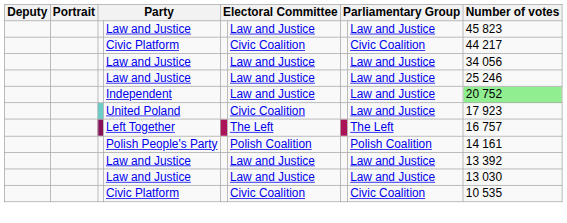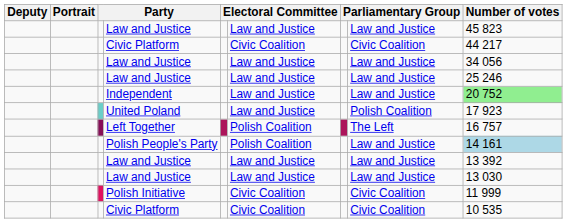 <table class="wikitable sortable" style="font-size:95%;line-height:14px;">
 <tr>
 <th>Deputy</th>
 <th>Portrait</th>
 <th colspan="2">Party</th>
 <th colspan="2">Electoral Committee</th>
 <th colspan="2">Parliamentary Group</th>
 <th>Number of votes</th>
 </tr>
 <tr>
 <td></td>
 <td></td>
 <td style="background:"></td>
 <td><a href='#'>Law and Justice</a></td>
 <td style="background:"></td>
 <td><a href='#'>Law and Justice</a></td>
 <td style="background:"></td>
 <td><a href='#'>Law and Justice</a></td>
 <td>45 823</td>
 </tr>
 <tr>
 <td></td>
 <td></td>
 <td style="background:"></td>
 <td><a href='#'>Civic Platform</a></td>
 <td style="background:"></td>
 <td><a href='#'>Civic Coalition</a></td>
 <td style="background:"></td>
 <td><a href='#'>Civic Coalition</a></td>
 <td>44 217</td>
 </tr>
 <tr>
 <td></td>
 <td></td>
 <td style="background:"></td>
 <td><a href='#'>Law and Justice</a></td>
 <td style="background:"></td>
 <td><a href='#'>Law and Justice</a></td>
 <td style="background:"></td>
 <td><a href='#'>Law and Justice</a></td>
 <td>34 056</td>
 </tr>
 <tr>
 <td></td>
 <td></td>
 <td style="background:"></td>
 <td><a href='#'>Law and Justice</a></td>
 <td style="background:"></td>
 <td><a href='#'>Law and Justice</a></td>
 <td style="background:"></td>
 <td><a href='#'>Law and Justice</a></td>
 <td>25 246</td>
 </tr>
 <tr>
 <td></td>
 <td></td>
 <td style="background:"></td>
 <td><a href='#'>Independent</a></td>
 <td style="background:"></td>
 <td><a href='#'>Law and Justice</a></td>
 <td style="background:"></td>
 <td><a href='#'>Law and Justice</a></td>
 <td style="background: lightgreen;">20 752</td>
 </tr>
 <tr>
 <td></td>
 <td></td>
 <td style="background:#6acec8;"></td>
 <td><a href='#'>United Poland</a></td>
 <td style="background:"></td>
-<td><a href='#'>Civic Coalition</a></td>
+<td><a href='#'>Law and Justice</a></td>
 <td style="background:"></td>
-<td><a href='#'>Law and Justice</a></td>
+<td><a href='#'>Polish Coalition</a></td>
 <td>17 923</td>
 </tr>
 <tr>
 <td></td>
 <td></td>
 <td style="background:#870f57;"></td>
 <td><a href='#'>Left Together</a></td>
 <td style="background:#AC145A;"></td>
-<td><a href='#'>The Left</a></td>
+<td><a href='#'>Polish Coalition</a></td>
 <td style="background:#AC145A;"></td>
 <td><a href='#'>The Left</a></td>
 <td>16 757</td>
 </tr>
 <tr>
 <td></td>
 <td></td>
 <td style="background:"></td>
 <td><a href='#'>Polish People's Party</a></td>
 <td style="background:"></td>
 <td><a href='#'>Polish Coalition</a></td>
 <td style="background:"></td>
-<td><a href='#'>Polish Coalition</a></td>
-<td>14 161</td>
+<td><a href='#'>Law and Justice</a></td>
+<td style="background: lightblue;">14 161</td>
 </tr>
 <tr>
 <td></td>
 <td></td>
 <td style="background:"></td>
 <td><a href='#'>Law and Justice</a></td>
 <td style="background:"></td>
 <td><a href='#'>Law and Justice</a></td>
 <td style="background:"></td>
 <td><a href='#'>Law and Justice</a></td>
 <td>13 392</td>
 </tr>
 <tr>
 <td></td>
 <td></td>
 <td style="background:"></td>
 <td><a href='#'>Law and Justice</a></td>
 <td style="background:"></td>
 <td><a href='#'>Law and Justice</a></td>
 <td style="background:"></td>
 <td><a href='#'>Law and Justice</a></td>
 <td>13 030</td>
 </tr>
 <tr>
 <td></td>
 <td></td>
+<td style="background:#E0115F;"></td>
+<td><a href='#'>Polish Initiative</a></td>
+<td style="background:"></td>
+<td><a href='#'>Civic Coalition</a></td>
+<td style="background:"></td>
+<td><a href='#'>Civic Coalition</a></td>
+<td>11 999</td>
+</tr>
+<tr>
+<td></td>
+<td></td>
 <td style="background:"></td>
 <td><a href='#'>Civic Platform</a></td>
 <td style="background:"></td>
 <td><a href='#'>Civic Coalition</a></td>
 <td style="background:"></td>
 <td><a href='#'>Civic Coalition</a></td>
 <td>10 535</td>
 </tr>
 </table>
